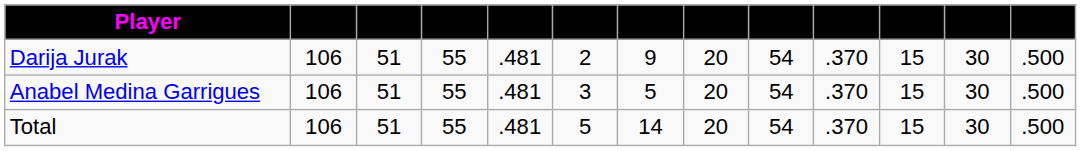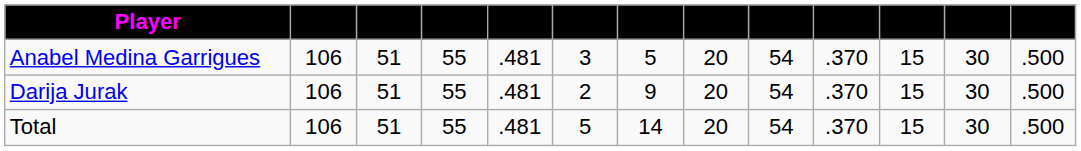 <table class="wikitable" style="text-align:center">
 <tr>
 <th style="background:black; color:magenta" width="200px">Player</th>
 <th style="background:black; color:magenta" width="40px"></th>
 <th style="background:black; color:magenta" width="40px"></th>
 <th style="background:black; color:magenta" width="40px"></th>
 <th style="background:black; color:magenta" width="40px"></th>
 <th style="background:black; color:magenta" width="40px"></th>
 <th style="background:black; color:magenta" width="40px"></th>
 <th style="background:black; color:magenta" width="40px"></th>
 <th style="background:black; color:magenta" width="40px"></th>
 <th style="background:black; color:magenta" width="40px"></th>
 <th style="background:black; color:magenta" width="40px"></th>
 <th style="background:black; color:magenta" width="40px"></th>
 <th style="background:black; color:magenta" width="40px"></th>
 </tr>
 <tr>
-<td style="text-align:left"><a href='#'>Darija Jurak</a></td>
+<td style="text-align:left"><a href='#'>Anabel Medina Garrigues</a></td>
 <td>106</td>
 <td>51</td>
 <td>55</td>
 <td>.481</td>
-<td>2</td>
-<td>9</td>
+<td>3</td>
+<td>5</td>
 <td>20</td>
 <td>54</td>
 <td>.370</td>
 <td>15</td>
 <td>30</td>
 <td>.500</td>
 </tr>
 <tr>
-<td style="text-align:left"><a href='#'>Anabel Medina Garrigues</a></td>
+<td style="text-align:left"><a href='#'>Darija Jurak</a></td>
 <td>106</td>
 <td>51</td>
 <td>55</td>
 <td>.481</td>
-<td>3</td>
-<td>5</td>
+<td>2</td>
+<td>9</td>
 <td>20</td>
 <td>54</td>
 <td>.370</td>
 <td>15</td>
 <td>30</td>
 <td>.500</td>
 </tr>
 <tr>
 <td style="text-align:left">Total</td>
 <td>106</td>
 <td>51</td>
 <td>55</td>
 <td>.481</td>
 <td>5</td>
 <td>14</td>
 <td>20</td>
 <td>54</td>
 <td>.370</td>
 <td>15</td>
 <td>30</td>
 <td>.500</td>
 </tr>
 </table>
